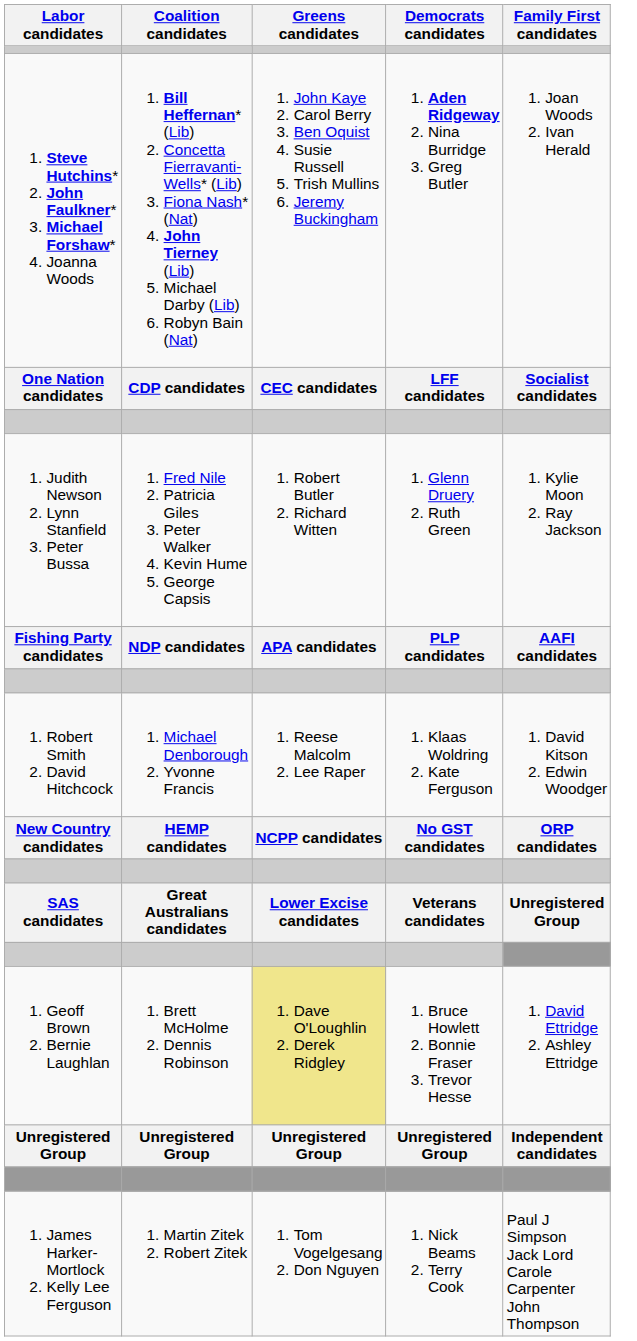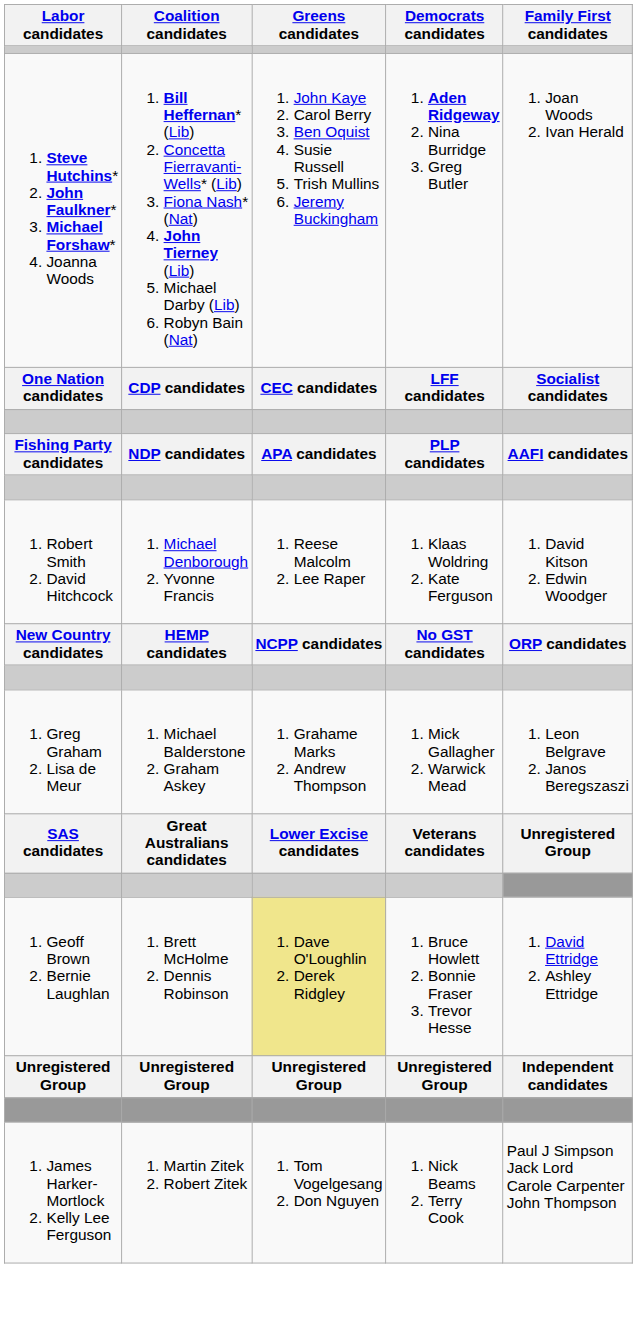 <table class="wikitable">
 <tr>
 <th><a href='#'>Labor</a> candidates</th>
 <th><a href='#'>Coalition</a> candidates</th>
 <th><a href='#'>Greens</a> candidates</th>
 <th><a href='#'>Democrats</a> candidates</th>
 <th><a href='#'>Family First</a> candidates</th>
 </tr>
 <tr style="background:#ccc;">
 <td></td>
 <td></td>
 <td></td>
 <td></td>
 <td></td>
 </tr>
 <tr>
 <td><br><ol><li><strong><a href='#'>Steve Hutchins</a></strong>*</li><li><strong><a href='#'>John Faulkner</a></strong>*</li><li><strong><a href='#'>Michael Forshaw</a></strong>*</li><li>Joanna Woods</li></ol></td>
 <td><br><ol><li><strong><a href='#'>Bill Heffernan</a></strong>* (<a href='#'>Lib</a>)</li><li><a href='#'>Concetta Fierravanti-Wells</a>* (<a href='#'>Lib</a>)</li><li><a href='#'>Fiona Nash</a>* (<a href='#'>Nat</a>)</li><li><strong><a href='#'>John Tierney</a></strong> (<a href='#'>Lib</a>)</li><li>Michael Darby (<a href='#'>Lib</a>)</li><li>Robyn Bain (<a href='#'>Nat</a>)</li></ol></td>
 <td valign=top><br><ol><li><a href='#'>John Kaye</a></li><li>Carol Berry</li><li><a href='#'>Ben Oquist</a></li><li>Susie Russell</li><li>Trish Mullins</li><li><a href='#'>Jeremy Buckingham</a></li></ol></td>
 <td valign=top><br><ol><li><strong><a href='#'>Aden Ridgeway</a></strong></li><li>Nina Burridge</li><li>Greg Butler</li></ol></td>
 <td valign=top><br><ol><li>Joan Woods</li><li>Ivan Herald</li></ol></td>
 </tr>
 <tr style="background:#ccc;">
 <th><a href='#'>One Nation</a> candidates</th>
 <th><a href='#'>CDP</a> candidates</th>
 <th><a href='#'>CEC</a> candidates</th>
 <th><a href='#'>LFF</a> candidates</th>
 <th><a href='#'>Socialist</a> candidates</th>
 </tr>
 <tr style="background:#ccc;">
 <td></td>
 <td></td>
 <td></td>
 <td></td>
 <td> </td>
 </tr>
-<tr>
-<td valign=top><br><ol><li>Judith Newson</li><li>Lynn Stanfield</li><li>Peter Bussa</li></ol></td>
-<td valign=top><br><ol><li><a href='#'>Fred Nile</a></li><li>Patricia Giles</li><li>Peter Walker</li><li>Kevin Hume</li><li>George Capsis</li></ol></td>
-<td valign=top><br><ol><li>Robert Butler</li><li>Richard Witten</li></ol></td>
-<td valign=top><br><ol><li><a href='#'>Glenn Druery</a></li><li>Ruth Green</li></ol></td>
-<td valign=top><br><ol><li>Kylie Moon</li><li>Ray Jackson</li></ol></td>
-</tr>
 <tr style="background:#ccc;">
 <th><a href='#'>Fishing Party</a> candidates</th>
 <th><a href='#'>NDP</a> candidates</th>
 <th><a href='#'>APA</a> candidates</th>
 <th><a href='#'>PLP</a> candidates</th>
 <th><a href='#'>AAFI</a> candidates</th>
 </tr>
 <tr style="background:#ccc;">
 <td></td>
 <td></td>
 <td style="background:#99999;"></td>
 <td></td>
 <td> </td>
 </tr>
 <tr>
 <td valign=top><br><ol><li>Robert Smith</li><li>David Hitchcock</li></ol></td>
 <td valign=top><br><ol><li><a href='#'>Michael Denborough</a></li><li>Yvonne Francis</li></ol></td>
 <td valign=top><br><ol><li>Reese Malcolm</li><li>Lee Raper</li></ol></td>
 <td valign=top><br><ol><li>Klaas Woldring</li><li>Kate Ferguson</li></ol></td>
 <td valign=top><br><ol><li>David Kitson</li><li>Edwin Woodger</li></ol></td>
 </tr>
 <tr style="background:#ccc;">
 <th><a href='#'>New Country</a> candidates</th>
 <th><a href='#'>HEMP</a> candidates</th>
 <th><a href='#'>NCPP</a> candidates</th>
 <th><a href='#'>No GST</a> candidates</th>
 <th><a href='#'>ORP</a> candidates</th>
 </tr>
 <tr style="background:#ccc;">
 <td></td>
 <td></td>
 <td></td>
 <td></td>
 <td> </td>
+</tr>
+<tr>
+<td valign=top><br><ol><li>Greg Graham</li><li>Lisa de Meur</li></ol></td>
+<td valign=top><br><ol><li>Michael Balderstone</li><li>Graham Askey</li></ol></td>
+<td valign=top><br><ol><li>Grahame Marks</li><li>Andrew Thompson</li></ol></td>
+<td valign=top><br><ol><li>Mick Gallagher</li><li>Warwick Mead</li></ol></td>
+<td valign=top><br><ol><li>Leon Belgrave</li><li>Janos Beregszaszi</li></ol></td>
 </tr>
 <tr style="background:#ccc;">
 <th><a href='#'>SAS</a> candidates</th>
 <th>Great Australians candidates</th>
 <th><a href='#'>Lower Excise</a> candidates</th>
 <th>Veterans candidates</th>
 <th>Unregistered Group</th>
 </tr>
 <tr style="background:#ccc;">
 <td></td>
 <td></td>
 <td></td>
 <td></td>
 <td style="background:#999;"> </td>
 </tr>
 <tr>
 <td valign=top><br><ol><li>Geoff Brown</li><li>Bernie Laughlan</li></ol></td>
 <td valign=top><br><ol><li>Brett McHolme</li><li>Dennis Robinson</li></ol></td>
 <td valign=top style="background: khaki;"><br><ol><li>Dave O'Loughlin</li><li>Derek Ridgley</li></ol></td>
 <td valign=top><br><ol><li>Bruce Howlett</li><li>Bonnie Fraser</li><li>Trevor Hesse</li></ol></td>
 <td valign=top><br><ol><li><a href='#'>David Ettridge</a></li><li>Ashley Ettridge</li></ol></td>
 </tr>
 <tr style="background:#ccc;">
 <th>Unregistered Group</th>
 <th>Unregistered Group</th>
 <th>Unregistered Group</th>
 <th>Unregistered Group</th>
 <th>Independent candidates</th>
 </tr>
 <tr style="background:#ccc; background:#999;">
 <td></td>
 <td style="background:#999;"></td>
 <td style="background:#999;"></td>
 <td style="background:#999;"></td>
 <td style="background:#999;"> </td>
 </tr>
 <tr>
 <td valign=top><br><ol><li>James Harker-Mortlock</li><li>Kelly Lee Ferguson</li></ol></td>
 <td valign=top><br><ol><li>Martin Zitek</li><li>Robert Zitek</li></ol></td>
 <td valign=top><br><ol><li>Tom Vogelgesang</li><li>Don Nguyen</li></ol></td>
 <td valign=top><br><ol><li>Nick Beams</li><li>Terry Cook</li></ol></td>
 <td valign=top><br>Paul J Simpson<br> Jack Lord<br> Carole Carpenter<br> John Thompson<br></td>
 </tr>
 </table>
